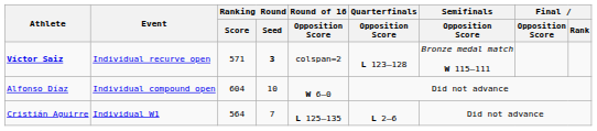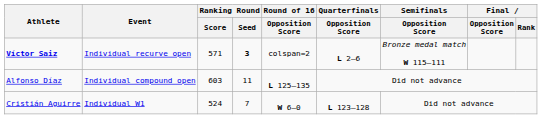 <table class="wikitable" style="font-size:90%;text-align:center">
 <tr>
 <th rowspan="2">Athlete</th>
 <th rowspan="2">Event</th>
 <th colspan="2">Ranking Round</th>
 <th>Round of 16</th>
 <th>Quarterfinals</th>
 <th>Semifinals</th>
 <th colspan="2">Final / </th>
 </tr>
 <tr style="font-size:95%">
 <th>Score</th>
 <th>Seed</th>
 <th>Opposition<br>Score</th>
 <th>Opposition<br>Score</th>
 <th>Opposition<br>Score</th>
 <th>Opposition<br>Score</th>
 <th>Rank</th>
 </tr>
 <tr>
 <td align="left"><strong><a href='#'>Víctor Saiz</a></strong></td>
 <td align="left"><a href='#'>Individual recurve open</a></td>
 <td>571</td>
 <td><strong>3</strong></td>
 <td>colspan=2 </td>
-<td><br><strong>L</strong> 123–128</td>
+<td><br><strong>L</strong> 2–6</td>
 <td><em>Bronze medal match</em><br><br><strong>W</strong> 115–111</td>
 <td></td>
 </tr>
 <tr>
 <td align="left"><a href='#'>Alfonso Díaz</a></td>
 <td align="left"><a href='#'>Individual compound open</a></td>
-<td>604</td>
-<td>10</td>
-<td><br><strong>W</strong> 6–0</td>
+<td>603</td>
+<td>11</td>
+<td><br><strong>L</strong> 125–135</td>
 <td colspan= 4>Did not advance</td>
 </tr>
 <tr>
 <td align="left"><a href='#'>Cristián Aguirre</a></td>
 <td align="left"><a href='#'>Individual W1</a></td>
-<td>564</td>
+<td>524</td>
 <td>7</td>
-<td><br><strong>L</strong> 125–135</td>
-<td><br><strong>L</strong> 2–6</td>
+<td><br><strong>W</strong> 6–0</td>
+<td><br><strong>L</strong> 123–128</td>
 <td colspan= 3>Did not advance</td>
 </tr>
 </table>
